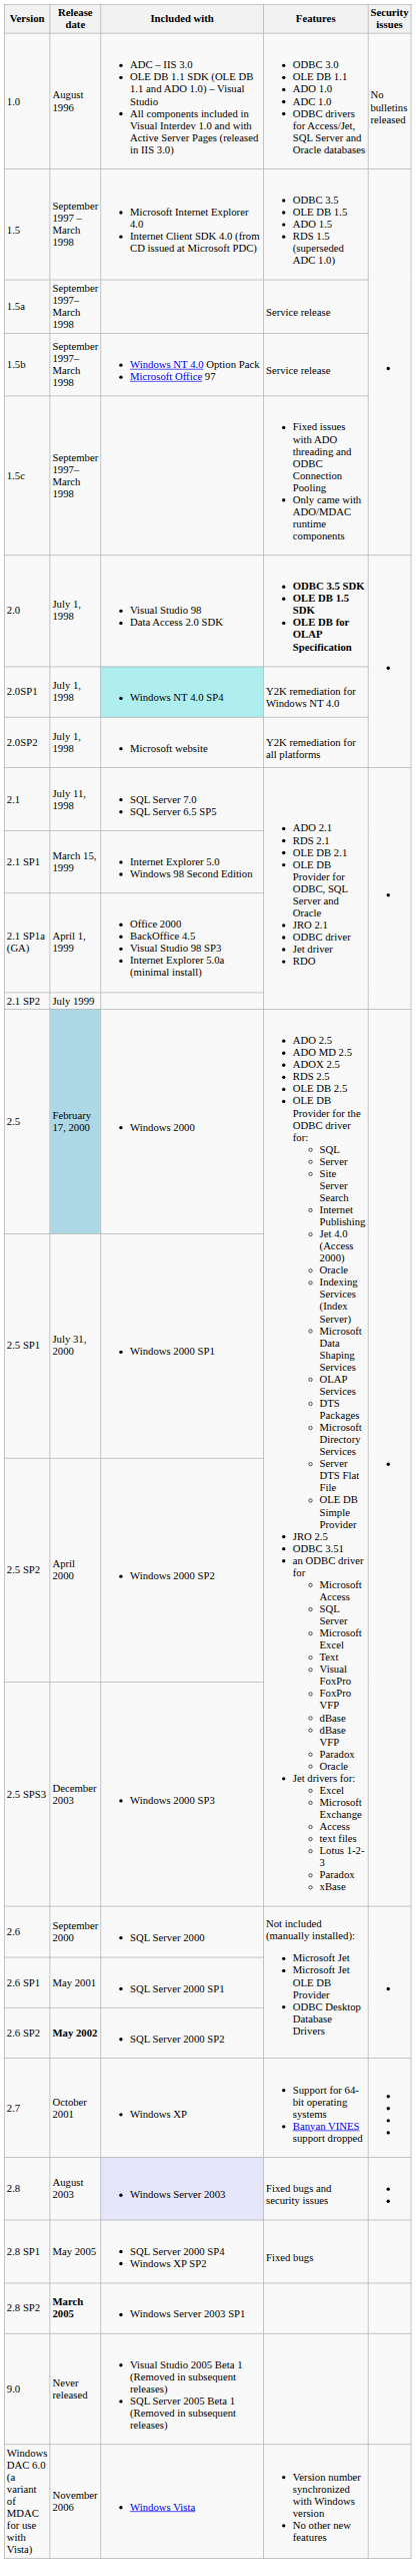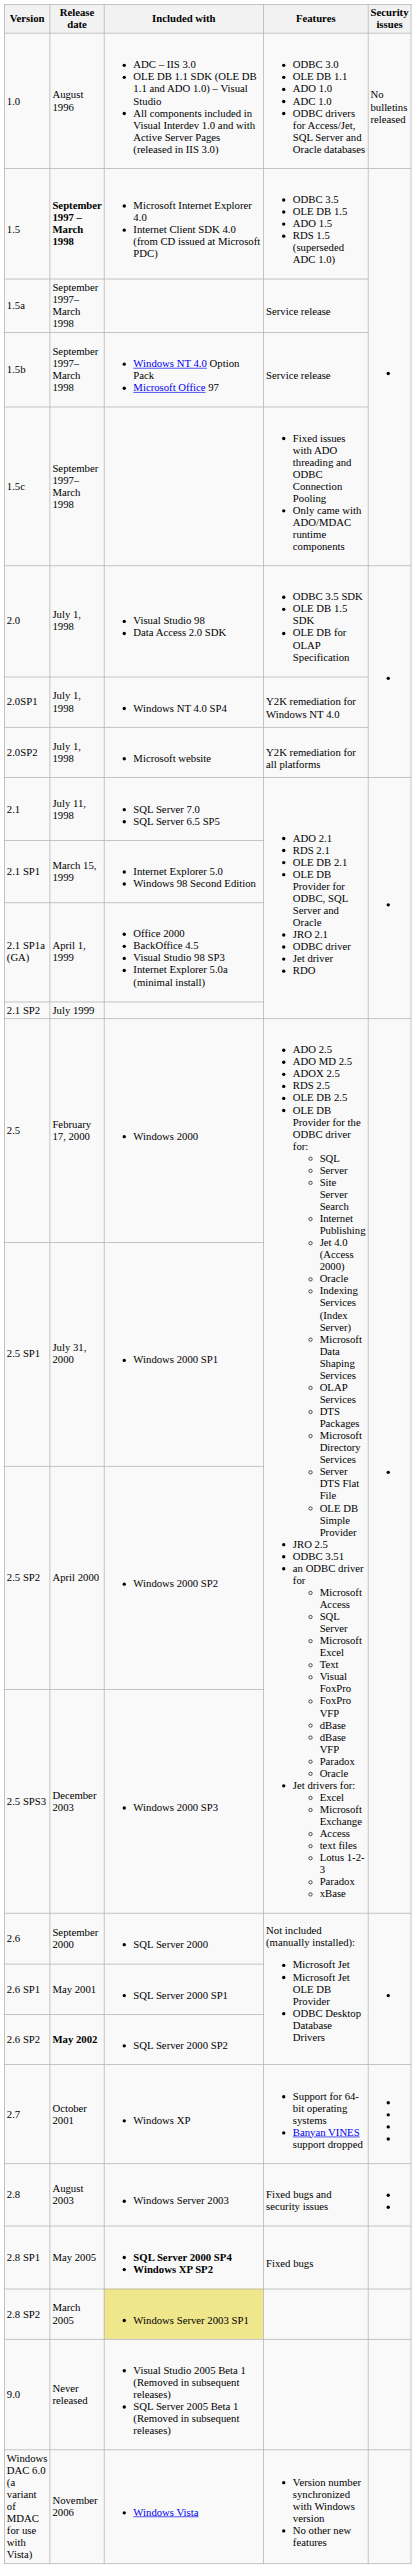 <table class=wikitable>
 <tr>
 <th style="width:10%;">Version</th>
 <th style="width:10%;">Release date</th>
 <th style="width:40%;">Included with</th>
 <th style="width:15%;">Features</th>
 <th style="width:10%;">Security issues</th>
 </tr>
 <tr>
 <td>1.0</td>
 <td>August 1996</td>
 <td><br><ul><li>ADC – IIS 3.0</li><li>OLE DB 1.1 SDK (OLE DB 1.1 and ADO 1.0) – Visual Studio</li><li>All components included in Visual Interdev 1.0 and with Active Server Pages (released in IIS 3.0)</li></ul></td>
 <td><br><ul><li>ODBC 3.0</li><li>OLE DB 1.1</li><li>ADO 1.0</li><li>ADC 1.0</li><li>ODBC drivers for Access/Jet, SQL Server and Oracle databases</li></ul></td>
 <td><br>No bulletins released</td>
 </tr>
 <tr>
 <td><br>1.5</td>
-<td>September 1997 – March 1998</td>
+<td><strong>September 1997 – March 1998</strong></td>
 <td><br><ul><li>Microsoft Internet Explorer 4.0</li><li>Internet Client SDK 4.0 (from CD issued at Microsoft PDC)</li></ul></td>
 <td><br><ul><li>ODBC 3.5</li><li>OLE DB 1.5</li><li>ADO 1.5</li><li>RDS 1.5 (superseded ADC 1.0)</li></ul></td>
 <td ROWSPAN=4><br><ul><li></li></ul></td>
 </tr>
 <tr>
 <td>1.5a</td>
 <td>September 1997–March 1998</td>
 <td></td>
 <td><br>Service release</td>
 </tr>
 <tr>
 <td>1.5b</td>
 <td>September 1997–March 1998</td>
 <td><br><ul><li><a href='#'>Windows NT 4.0</a> Option Pack</li><li><a href='#'>Microsoft Office</a> 97</li></ul></td>
 <td><br>Service release</td>
 </tr>
 <tr>
 <td>1.5c</td>
 <td>September 1997–March 1998</td>
 <td></td>
 <td><br><ul><li>Fixed issues with ADO threading and ODBC Connection Pooling</li><li>Only came with ADO/MDAC runtime components</li></ul></td>
 </tr>
 <tr>
 <td>2.0</td>
 <td>July 1, 1998</td>
 <td><br><ul><li>Visual Studio 98</li><li>Data Access 2.0 SDK</li></ul></td>
-<td><strong><br><ul><li>ODBC 3.5 SDK</li><li>OLE DB 1.5 SDK</li><li>OLE DB for OLAP Specification</li></ul></strong></td>
+<td><br><ul><li>ODBC 3.5 SDK</li><li>OLE DB 1.5 SDK</li><li>OLE DB for OLAP Specification</li></ul></td>
 <td ROWSPAN=3><br><ul><li></li></ul></td>
 </tr>
 <tr>
 <td>2.0SP1</td>
 <td>July 1, 1998</td>
-<td style="background: paleturquoise;"><br><ul><li>Windows NT 4.0 SP4</li></ul></td>
+<td><br><ul><li>Windows NT 4.0 SP4</li></ul></td>
 <td><br>Y2K remediation for Windows NT 4.0</td>
 </tr>
 <tr>
 <td>2.0SP2</td>
 <td>July 1, 1998</td>
 <td><br><ul><li>Microsoft website</li></ul></td>
 <td><br>Y2K remediation for all platforms</td>
 </tr>
 <tr>
 <td>2.1</td>
 <td>July 11, 1998</td>
 <td><br><ul><li>SQL Server 7.0</li><li>SQL Server 6.5 SP5</li></ul></td>
 <td ROWSPAN=4><br><ul><li>ADO 2.1</li><li>RDS 2.1</li><li>OLE DB 2.1</li><li>OLE DB Provider for ODBC, SQL Server and Oracle</li><li>JRO 2.1</li><li>ODBC driver</li><li>Jet driver</li><li>RDO</li></ul></td>
 <td ROWSPAN=4><br><ul><li></li></ul></td>
 </tr>
 <tr>
 <td>2.1 SP1</td>
 <td>March 15, 1999</td>
 <td><br><ul><li>Internet Explorer 5.0</li><li>Windows 98 Second Edition</li></ul></td>
 </tr>
 <tr>
 <td>2.1 SP1a (GA)</td>
 <td>April 1, 1999</td>
 <td><br><ul><li>Office 2000</li><li>BackOffice 4.5</li><li>Visual Studio 98 SP3</li><li>Internet Explorer 5.0a (minimal install)</li></ul></td>
 </tr>
 <tr>
 <td>2.1 SP2</td>
 <td>July 1999</td>
 <td></td>
 </tr>
 <tr>
 <td>2.5</td>
-<td style="background: lightblue;">February 17, 2000</td>
+<td>February 17, 2000</td>
 <td><br><ul><li>Windows 2000</li></ul></td>
 <td ROWSPAN=4><br><ul><li>ADO 2.5</li><li>ADO MD 2.5</li><li>ADOX 2.5</li><li>RDS 2.5</li><li>OLE DB 2.5</li><li>OLE DB Provider for the ODBC driver for:<ul><li>SQL</li><li>Server</li><li>Site Server Search</li><li>Internet Publishing</li><li>Jet 4.0 (Access 2000)</li><li>Oracle</li><li>Indexing Services (Index Server)</li><li>Microsoft Data Shaping Services</li><li>OLAP Services</li><li>DTS Packages</li><li>Microsoft Directory Services</li><li>Server DTS Flat File</li><li>OLE DB Simple Provider</li></ul></li><li>JRO 2.5</li><li>ODBC 3.51</li><li>an ODBC driver for<ul><li>Microsoft Access</li><li>SQL Server</li><li>Microsoft Excel</li><li>Text</li><li>Visual FoxPro</li><li>FoxPro VFP</li><li>dBase</li><li>dBase VFP</li><li>Paradox</li><li>Oracle</li></ul></li><li>Jet drivers for:<ul><li>Excel</li><li>Microsoft Exchange</li><li>Access</li><li>text files</li><li>Lotus 1-2-3</li><li>Paradox</li><li>xBase</li></ul></li></ul></td>
 <td ROWSPAN=4><br><ul><li></li></ul></td>
 </tr>
 <tr>
 <td>2.5 SP1</td>
 <td>July 31, 2000</td>
 <td><br><ul><li>Windows 2000 SP1</li></ul></td>
 </tr>
 <tr>
 <td>2.5 SP2</td>
 <td>April 2000</td>
 <td><br><ul><li>Windows 2000 SP2</li></ul></td>
 </tr>
 <tr>
 <td>2.5 SPS3</td>
 <td>December 2003</td>
 <td><br><ul><li>Windows 2000 SP3</li></ul></td>
 </tr>
 <tr>
 <td>2.6</td>
 <td>September 2000</td>
 <td><br><ul><li>SQL Server 2000</li></ul></td>
 <td ROWSPAN=3>Not included (manually installed):<br><ul><li>Microsoft Jet</li><li>Microsoft Jet OLE DB Provider</li><li>ODBC Desktop Database Drivers</li></ul></td>
 <td ROWSPAN=3><br><ul><li></li></ul></td>
 </tr>
 <tr>
 <td>2.6 SP1</td>
 <td>May 2001</td>
 <td><br><ul><li>SQL Server 2000 SP1</li></ul></td>
 </tr>
 <tr>
 <td>2.6 SP2</td>
 <td><strong>May 2002</strong></td>
 <td><br><ul><li>SQL Server 2000 SP2</li></ul></td>
 </tr>
 <tr>
 <td>2.7</td>
 <td>October 2001</td>
 <td><br><ul><li>Windows XP</li></ul></td>
 <td><br><ul><li>Support for 64-bit operating systems</li><li><a href='#'>Banyan VINES</a> support dropped</li></ul></td>
 <td><br><ul><li></li><li></li><li></li><li></li></ul></td>
 </tr>
 <tr>
 <td>2.8</td>
 <td>August 2003</td>
-<td style="background: lavender;"><br><ul><li>Windows Server 2003</li></ul></td>
+<td><br><ul><li>Windows Server 2003</li></ul></td>
 <td><br>Fixed bugs and security issues</td>
 <td><br><ul><li></li><li></li></ul></td>
 </tr>
 <tr>
 <td>2.8 SP1</td>
 <td>May 2005</td>
-<td><br><ul><li>SQL Server 2000 SP4</li><li>Windows XP SP2</li></ul></td>
+<td><strong><br><ul><li>SQL Server 2000 SP4</li><li>Windows XP SP2</li></ul></strong></td>
 <td><br>Fixed bugs</td>
 <td></td>
 </tr>
 <tr>
 <td>2.8 SP2</td>
-<td><strong>March 2005</strong></td>
-<td><br><ul><li>Windows Server 2003 SP1</li></ul></td>
+<td>March 2005</td>
+<td style="background: khaki;"><br><ul><li>Windows Server 2003 SP1</li></ul></td>
 <td></td>
 </tr>
 <tr>
 <td>9.0</td>
 <td>Never released</td>
 <td><br><ul><li>Visual Studio 2005 Beta 1 (Removed in subsequent releases)</li><li>SQL Server 2005 Beta 1 (Removed in subsequent releases)</li></ul></td>
 <td></td>
 <td></td>
 </tr>
 <tr>
 <td>Windows DAC 6.0 (a variant of MDAC for use with Vista)</td>
 <td>November 2006</td>
 <td><br><ul><li><a href='#'>Windows Vista</a></li></ul></td>
 <td><br><ul><li>Version number synchronized with Windows version</li><li>No other new features</li></ul></td>
 <td></td>
 </tr>
 </table>
